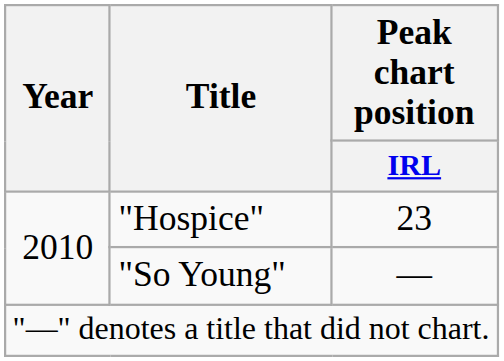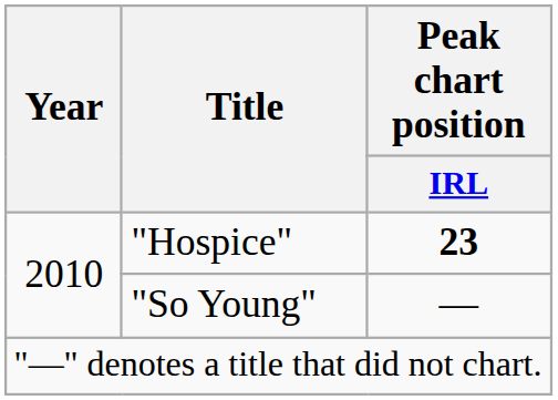 <table class="wikitable" style="text-align:center;">
 <tr>
 <th rowspan=2>Year</th>
 <th rowspan=2>Title</th>
 <th>Peak chart position</th>
 </tr>
 <tr>
 <th style="width:5em;font-size:85%"><a href='#'>IRL</a><br></th>
 </tr>
 <tr>
 <td rowspan="2">2010</td>
 <td style="text-align:left;">"Hospice"</td>
-<td>23</td>
+<td><strong>23</strong></td>
 </tr>
 <tr>
 <td style="text-align:left;">"So Young"</td>
 <td>—</td>
 </tr>
 <tr>
 <td colspan="3" style="font-size:90%">"—" denotes a title that did not chart.</td>
 </tr>
 </table>
